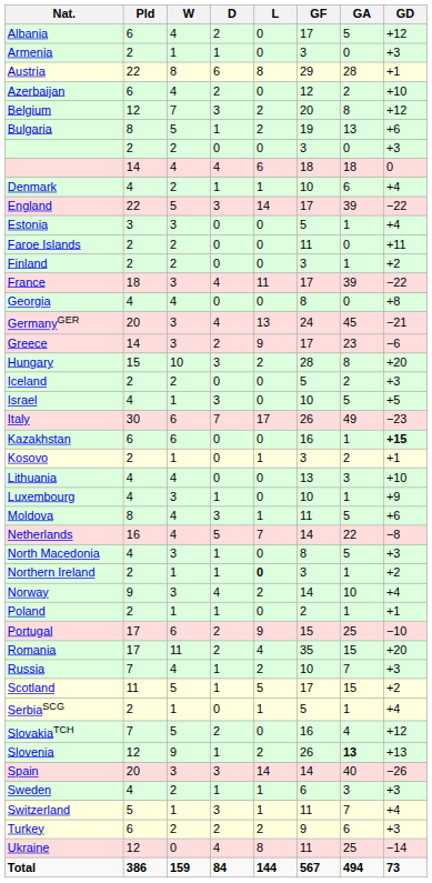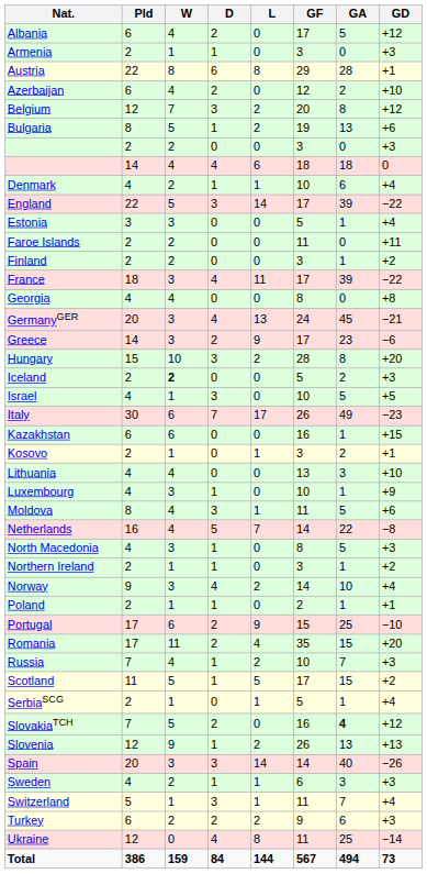 <table class="wikitable" text-align: center;">
 <tr>
 <th width="150">Nat.</th>
 <th width="50">Pld</th>
 <th width="50">W</th>
 <th width="50">D</th>
 <th width="50">L</th>
 <th width="50">GF</th>
 <th width="50">GA</th>
 <th width="50">GD</th>
 </tr>
 <tr bgcolor="#ddffdd">
 <td align="left"> <a href='#'>Albania</a></td>
 <td>6</td>
 <td>4</td>
 <td>2</td>
 <td>0</td>
 <td>17</td>
 <td>5</td>
 <td>+12</td>
 </tr>
 <tr bgcolor="#ddffdd">
 <td align="left"> <a href='#'>Armenia</a></td>
 <td>2</td>
 <td>1</td>
 <td>1</td>
 <td>0</td>
 <td>3</td>
 <td>0</td>
 <td>+3</td>
 </tr>
 <tr bgcolor="#ffffdd">
 <td align="left"> <a href='#'>Austria</a></td>
 <td>22</td>
 <td>8</td>
 <td>6</td>
 <td>8</td>
 <td>29</td>
 <td>28</td>
 <td>+1</td>
 </tr>
 <tr bgcolor="#ddffdd">
 <td align="left"> <a href='#'>Azerbaijan</a></td>
 <td>6</td>
 <td>4</td>
 <td>2</td>
 <td>0</td>
 <td>12</td>
 <td>2</td>
 <td>+10</td>
 </tr>
 <tr bgcolor="#ddffdd">
 <td align="left"> <a href='#'>Belgium</a></td>
 <td>12</td>
 <td>7</td>
 <td>3</td>
 <td>2</td>
 <td>20</td>
 <td>8</td>
 <td>+12</td>
 </tr>
 <tr bgcolor="#ddffdd">
 <td align="left"> <a href='#'>Bulgaria</a></td>
 <td>8</td>
 <td>5</td>
 <td>1</td>
 <td>2</td>
 <td>19</td>
 <td>13</td>
 <td>+6</td>
 </tr>
 <tr bgcolor="#ddffdd">
 <td align="left"></td>
 <td>2</td>
 <td>2</td>
 <td>0</td>
 <td>0</td>
 <td>3</td>
 <td>0</td>
 <td>+3</td>
 </tr>
 <tr bgcolor="#ffdddd">
 <td align="left"></td>
 <td>14</td>
 <td>4</td>
 <td>4</td>
 <td>6</td>
 <td>18</td>
 <td>18</td>
 <td>0</td>
 </tr>
 <tr bgcolor="#ddffdd">
 <td align="left"> <a href='#'>Denmark</a></td>
 <td>4</td>
 <td>2</td>
 <td>1</td>
 <td>1</td>
 <td>10</td>
 <td>6</td>
 <td>+4</td>
 </tr>
 <tr bgcolor="#ffdddd">
 <td align="left"> <a href='#'>England</a></td>
 <td>22</td>
 <td>5</td>
 <td>3</td>
 <td>14</td>
 <td>17</td>
 <td>39</td>
 <td>−22</td>
 </tr>
 <tr bgcolor="#ddffdd">
 <td align="left"> <a href='#'>Estonia</a></td>
 <td>3</td>
 <td>3</td>
 <td>0</td>
 <td>0</td>
 <td>5</td>
 <td>1</td>
 <td>+4</td>
 </tr>
 <tr bgcolor="#ddffdd">
 <td align="left"> <a href='#'>Faroe Islands</a></td>
 <td>2</td>
 <td>2</td>
 <td>0</td>
 <td>0</td>
 <td>11</td>
 <td>0</td>
 <td>+11</td>
 </tr>
 <tr bgcolor="#ddffdd">
 <td align="left"> <a href='#'>Finland</a></td>
 <td>2</td>
 <td>2</td>
 <td>0</td>
 <td>0</td>
 <td>3</td>
 <td>1</td>
 <td>+2</td>
 </tr>
 <tr bgcolor="#ffdddd">
 <td align="left"> <a href='#'>France</a></td>
 <td>18</td>
 <td>3</td>
 <td>4</td>
 <td>11</td>
 <td>17</td>
 <td>39</td>
 <td>−22</td>
 </tr>
 <tr bgcolor="#ddffdd">
 <td align="left"> <a href='#'>Georgia</a></td>
 <td>4</td>
 <td>4</td>
 <td>0</td>
 <td>0</td>
 <td>8</td>
 <td>0</td>
 <td>+8</td>
 </tr>
 <tr bgcolor="#ffdddd">
 <td align="left"> <a href='#'>Germany</a><sup>GER</sup></td>
 <td>20</td>
 <td>3</td>
 <td>4</td>
 <td>13</td>
 <td>24</td>
 <td>45</td>
 <td>−21</td>
 </tr>
 <tr bgcolor="#ffdddd">
 <td align="left"> <a href='#'>Greece</a></td>
 <td>14</td>
 <td>3</td>
 <td>2</td>
 <td>9</td>
 <td>17</td>
 <td>23</td>
 <td>−6</td>
 </tr>
 <tr bgcolor="#ddffdd">
 <td align="left"> <a href='#'>Hungary</a></td>
 <td>15</td>
 <td>10</td>
 <td>3</td>
 <td>2</td>
 <td>28</td>
 <td>8</td>
 <td>+20</td>
 </tr>
 <tr bgcolor="#ddffdd">
 <td align="left"> <a href='#'>Iceland</a></td>
 <td>2</td>
-<td>2</td>
+<td><strong>2</strong></td>
 <td>0</td>
 <td>0</td>
 <td>5</td>
 <td>2</td>
 <td>+3</td>
 </tr>
 <tr bgcolor="#ddffdd">
 <td align="left"> <a href='#'>Israel</a></td>
 <td>4</td>
 <td>1</td>
 <td>3</td>
 <td>0</td>
 <td>10</td>
 <td>5</td>
 <td>+5</td>
 </tr>
 <tr bgcolor="#ffdddd">
 <td align="left"> <a href='#'>Italy</a></td>
 <td>30</td>
 <td>6</td>
 <td>7</td>
 <td>17</td>
 <td>26</td>
 <td>49</td>
 <td>−23</td>
 </tr>
 <tr bgcolor="#ddffdd">
 <td align="left"> <a href='#'>Kazakhstan</a></td>
 <td>6</td>
 <td>6</td>
 <td>0</td>
 <td>0</td>
 <td>16</td>
 <td>1</td>
-<td><strong>+15</strong></td>
+<td>+15</td>
 </tr>
 <tr bgcolor="#ffffdd">
 <td align="left"> <a href='#'>Kosovo</a></td>
 <td>2</td>
 <td>1</td>
 <td>0</td>
 <td>1</td>
 <td>3</td>
 <td>2</td>
 <td>+1</td>
 </tr>
 <tr bgcolor="#ddffdd">
 <td align="left"> <a href='#'>Lithuania</a></td>
 <td>4</td>
 <td>4</td>
 <td>0</td>
 <td>0</td>
 <td>13</td>
 <td>3</td>
 <td>+10</td>
 </tr>
 <tr bgcolor="#ddffdd">
 <td align="left"> <a href='#'>Luxembourg</a></td>
 <td>4</td>
 <td>3</td>
 <td>1</td>
 <td>0</td>
 <td>10</td>
 <td>1</td>
 <td>+9</td>
 </tr>
 <tr bgcolor="#ddffdd">
 <td align="left"> <a href='#'>Moldova</a></td>
 <td>8</td>
 <td>4</td>
 <td>3</td>
 <td>1</td>
 <td>11</td>
 <td>5</td>
 <td>+6</td>
 </tr>
 <tr bgcolor="#ffdddd">
 <td align="left"> <a href='#'>Netherlands</a></td>
 <td>16</td>
 <td>4</td>
 <td>5</td>
 <td>7</td>
 <td>14</td>
 <td>22</td>
 <td>−8</td>
 </tr>
 <tr bgcolor="#ddffdd">
 <td align="left"> <a href='#'>North Macedonia</a></td>
 <td>4</td>
 <td>3</td>
 <td>1</td>
 <td>0</td>
 <td>8</td>
 <td>5</td>
 <td>+3</td>
 </tr>
 <tr bgcolor="#ddffdd">
 <td align="left"> <a href='#'>Northern Ireland</a></td>
 <td>2</td>
 <td>1</td>
 <td>1</td>
-<td><strong>0</strong></td>
+<td>0</td>
 <td>3</td>
 <td>1</td>
 <td>+2</td>
 </tr>
 <tr bgcolor="#ddffdd">
 <td align="left"> <a href='#'>Norway</a></td>
 <td>9</td>
 <td>3</td>
 <td>4</td>
 <td>2</td>
 <td>14</td>
 <td>10</td>
 <td>+4</td>
 </tr>
 <tr bgcolor="#ddffdd">
 <td align="left"> <a href='#'>Poland</a></td>
 <td>2</td>
 <td>1</td>
 <td>1</td>
 <td>0</td>
 <td>2</td>
 <td>1</td>
 <td>+1</td>
 </tr>
 <tr bgcolor="#ffdddd">
 <td align="left"> <a href='#'>Portugal</a></td>
 <td>17</td>
 <td>6</td>
 <td>2</td>
 <td>9</td>
 <td>15</td>
 <td>25</td>
 <td>−10</td>
 </tr>
 <tr bgcolor="#ddffdd">
 <td align="left"> <a href='#'>Romania</a></td>
 <td>17</td>
 <td>11</td>
 <td>2</td>
 <td>4</td>
 <td>35</td>
 <td>15</td>
 <td>+20</td>
 </tr>
 <tr bgcolor="#ddffdd">
 <td align="left"> <a href='#'>Russia</a></td>
 <td>7</td>
 <td>4</td>
 <td>1</td>
 <td>2</td>
 <td>10</td>
 <td>7</td>
 <td>+3</td>
 </tr>
 <tr bgcolor="#ffffdd">
 <td align="left"> <a href='#'>Scotland</a></td>
 <td>11</td>
 <td>5</td>
 <td>1</td>
 <td>5</td>
 <td>17</td>
 <td>15</td>
 <td>+2</td>
 </tr>
 <tr bgcolor="#ffffdd">
 <td align="left"> <a href='#'>Serbia</a><sup>SCG</sup></td>
 <td>2</td>
 <td>1</td>
 <td>0</td>
 <td>1</td>
 <td>5</td>
 <td>1</td>
 <td>+4</td>
 </tr>
 <tr bgcolor="#ddffdd">
 <td align="left"> <a href='#'>Slovakia</a><sup>TCH</sup></td>
 <td>7</td>
 <td>5</td>
 <td>2</td>
 <td>0</td>
 <td>16</td>
-<td>4</td>
+<td><strong>4</strong></td>
 <td>+12</td>
 </tr>
 <tr bgcolor="#ddffdd">
 <td align="left"> <a href='#'>Slovenia</a></td>
 <td>12</td>
 <td>9</td>
 <td>1</td>
 <td>2</td>
 <td>26</td>
-<td><strong>13</strong></td>
+<td>13</td>
 <td>+13</td>
 </tr>
 <tr bgcolor="#ffdddd">
 <td align="left"> <a href='#'>Spain</a></td>
 <td>20</td>
 <td>3</td>
 <td>3</td>
 <td>14</td>
 <td>14</td>
 <td>40</td>
 <td>−26</td>
 </tr>
 <tr bgcolor="#ddffdd">
 <td align="left"> <a href='#'>Sweden</a></td>
 <td>4</td>
 <td>2</td>
 <td>1</td>
 <td>1</td>
 <td>6</td>
 <td>3</td>
 <td>+3</td>
 </tr>
 <tr bgcolor="#ffffdd">
 <td align="left"> <a href='#'>Switzerland</a></td>
 <td>5</td>
 <td>1</td>
 <td>3</td>
 <td>1</td>
 <td>11</td>
 <td>7</td>
 <td>+4</td>
 </tr>
 <tr bgcolor="#ffffdd">
 <td align="left"> <a href='#'>Turkey</a></td>
 <td>6</td>
 <td>2</td>
 <td>2</td>
 <td>2</td>
 <td>9</td>
 <td>6</td>
 <td>+3</td>
 </tr>
 <tr bgcolor="#ffdddd">
 <td align="left"> <a href='#'>Ukraine</a></td>
 <td>12</td>
 <td>0</td>
 <td>4</td>
 <td>8</td>
 <td>11</td>
 <td>25</td>
 <td>−14</td>
 </tr>
 <tr>
 <td><strong>Total</strong></td>
 <td><strong>386</strong></td>
 <td><strong>159</strong></td>
 <td><strong>84</strong></td>
 <td><strong>144</strong></td>
 <td><strong>567</strong></td>
 <td><strong>494</strong></td>
 <td><strong>73</strong></td>
 </tr>
 </table>
